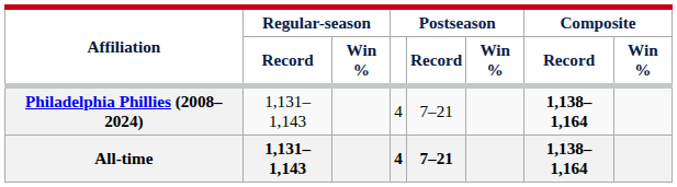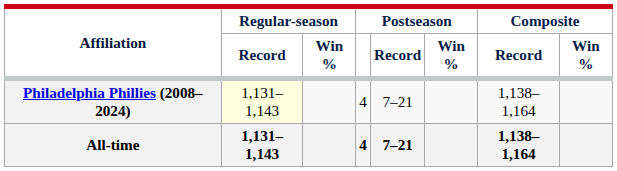 <table class="wikitable sortable plainrowheaders" style="font-size: 95%; text-align:center;">
 <tr>
 <th rowspan="2" scope="col" style="background-color:#ffffff; border-top:#C90116 5px solid; border-bottom:#c2c8ca 5px solid; color:#05173c">Affiliation</th>
 <th colspan="2" scope="col" style="background-color:#ffffff; border-top:#C90116 5px solid; color:#071d49">Regular-season</th>
 <th colspan="3" scope="col" style="background-color:#ffffff; border-top:#C90116 5px solid; color:#071d49">Postseason</th>
 <th colspan="2" scope="col" style="background-color:#ffffff; border-top:#C90116 5px solid; color:#071d49">Composite</th>
 </tr>
 <tr>
 <th scope="col" style="background-color:#ffffff; border-bottom:#c2c8ca 5px solid; color:#071d49">Record</th>
 <th scope="col" style="background-color:#ffffff; border-bottom:#c2c8ca 5px solid; color:#071d49">Win %</th>
 <th scope="col" style="background-color:#ffffff; border-bottom:#c2c8ca 5px solid; color:#071d49"></th>
 <th scope="col" style="background-color:#ffffff; border-bottom:#c2c8ca 5px solid; color:#071d49">Record</th>
 <th scope="col" style="background-color:#ffffff; border-bottom:#c2c8ca 5px solid; color:#071d49">Win %</th>
 <th scope="col" style="background-color:#ffffff; border-bottom:#c2c8ca 5px solid; color:#071d49">Record</th>
 <th scope="col" style="background-color:#ffffff; border-bottom:#c2c8ca 5px solid; color:#071d49">Win %</th>
 </tr>
 <tr>
 <th scope="row"><a href='#'>Philadelphia Phillies</a> (2008–2024)</th>
-<td>1,131–1,143</td>
+<td style="background: lightyellow;">1,131–1,143</td>
 <td></td>
 <td>4</td>
 <td>7–21</td>
 <td></td>
-<td><strong>1,138–1,164</strong></td>
+<td>1,138–1,164</td>
 <td></td>
 </tr>
 <tr>
 <th scope="row"><strong>All-time</strong></th>
 <th>1,131–1,143</th>
 <th></th>
 <th>4</th>
 <th>7–21</th>
 <th></th>
 <th>1,138–1,164</th>
 <th></th>
 </tr>
 </table>
